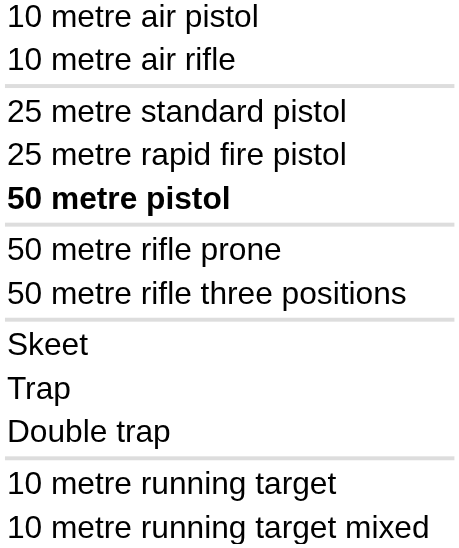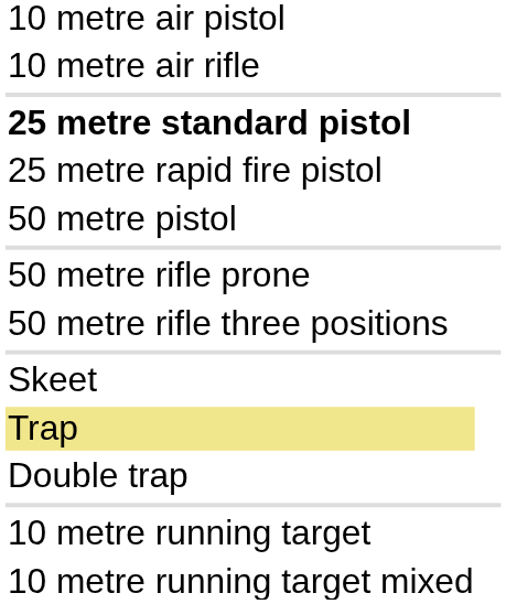 <table>
 <tr>
 <td>10 metre air pistol</td>
 <td></td>
 <td></td>
 <td></td>
 </tr>
 <tr>
 <td>10 metre air rifle</td>
 <td></td>
 <td></td>
 <td></td>
 </tr>
 <tr bgcolor=#DDDDDD>
 <td colspan=7></td>
 </tr>
 <tr>
-<td>25 metre standard pistol</td>
+<td><strong>25 metre standard pistol</strong></td>
 <td></td>
 <td></td>
 <td></td>
 </tr>
 <tr>
 <td>25 metre rapid fire pistol</td>
 <td></td>
 <td></td>
 <td></td>
 </tr>
 <tr>
-<td><strong>50 metre pistol</strong></td>
+<td>50 metre pistol</td>
 <td></td>
 <td></td>
 <td></td>
 </tr>
 <tr bgcolor=#DDDDDD>
 <td colspan=7></td>
 </tr>
 <tr>
 <td>50 metre rifle prone</td>
 <td></td>
 <td></td>
 <td></td>
 </tr>
 <tr>
 <td>50 metre rifle three positions</td>
 <td></td>
 <td></td>
 <td></td>
 </tr>
 <tr bgcolor=#DDDDDD>
 <td colspan=7></td>
 </tr>
 <tr>
 <td>Skeet</td>
 <td></td>
 <td></td>
 <td></td>
 </tr>
 <tr>
-<td>Trap</td>
+<td style="background: khaki;">Trap</td>
 <td></td>
 <td></td>
 <td></td>
 </tr>
 <tr>
 <td>Double trap</td>
 <td></td>
 <td></td>
 <td></td>
 </tr>
 <tr bgcolor=#DDDDDD>
 <td colspan=7></td>
 </tr>
 <tr>
 <td>10 metre running target</td>
 <td></td>
 <td></td>
 <td></td>
 </tr>
 <tr>
 <td>10 metre running target mixed</td>
 <td></td>
 <td></td>
 <td></td>
 </tr>
 </table>
